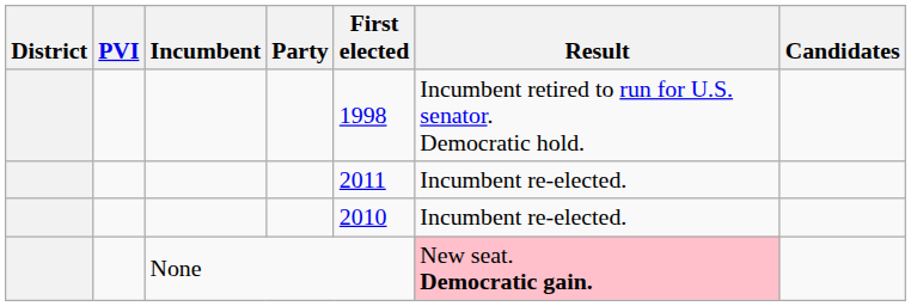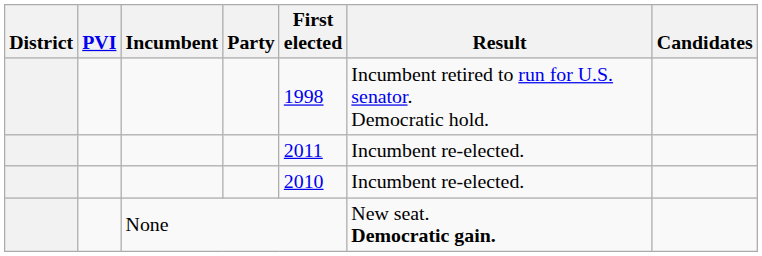 <table class="wikitable sortable">
 <tr valign=bottom>
 <th>District</th>
 <th><a href='#'>PVI</a></th>
 <th>Incumbent</th>
 <th>Party</th>
 <th>First<br>elected</th>
 <th>Result</th>
 <th>Candidates</th>
 </tr>
 <tr>
 <th></th>
 <td></td>
 <td></td>
 <td></td>
 <td><a href='#'>1998</a></td>
 <td>Incumbent retired to <a href='#'>run for U.S. senator</a>.<br>Democratic hold.</td>
 <td nowrap></td>
 </tr>
 <tr>
 <th></th>
 <td></td>
 <td></td>
 <td></td>
 <td><a href='#'>2011 </a></td>
 <td>Incumbent re-elected.</td>
 <td nowrap></td>
 </tr>
 <tr>
 <th></th>
 <td></td>
 <td></td>
 <td></td>
 <td><a href='#'>2010</a></td>
 <td>Incumbent re-elected.</td>
 <td nowrap></td>
 </tr>
 <tr>
 <th></th>
 <td></td>
 <td colspan=3 data-sort-value="ZZZ">None </td>
-<td style="background: pink;">New seat.<br><strong>Democratic gain.</strong></td>
+<td>New seat.<br><strong>Democratic gain.</strong></td>
 <td nowrap></td>
 </tr>
 </table>
